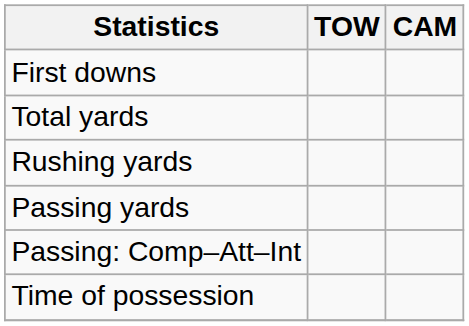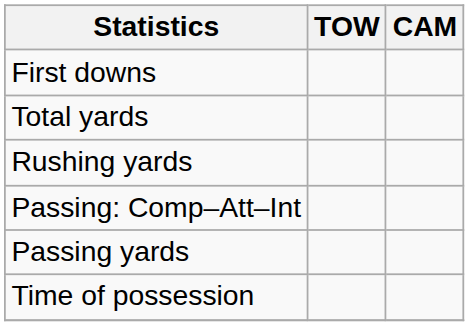 <table class="wikitable" style="float: left;">
 <tr>
 <th>Statistics</th>
 <th>TOW</th>
 <th>CAM</th>
 </tr>
 <tr>
 <td>First downs</td>
 <td></td>
 <td></td>
 </tr>
 <tr>
 <td>Total yards</td>
 <td></td>
 <td></td>
 </tr>
 <tr>
 <td>Rushing yards</td>
 <td></td>
 <td></td>
 </tr>
 <tr>
-<td>Passing yards</td>
+<td>Passing: Comp–Att–Int</td>
 <td></td>
 <td></td>
 </tr>
 <tr>
-<td>Passing: Comp–Att–Int</td>
+<td>Passing yards</td>
 <td></td>
 <td></td>
 </tr>
 <tr>
 <td>Time of possession</td>
 <td></td>
 <td></td>
 </tr>
 <tr>
 </tr>
 </table>
